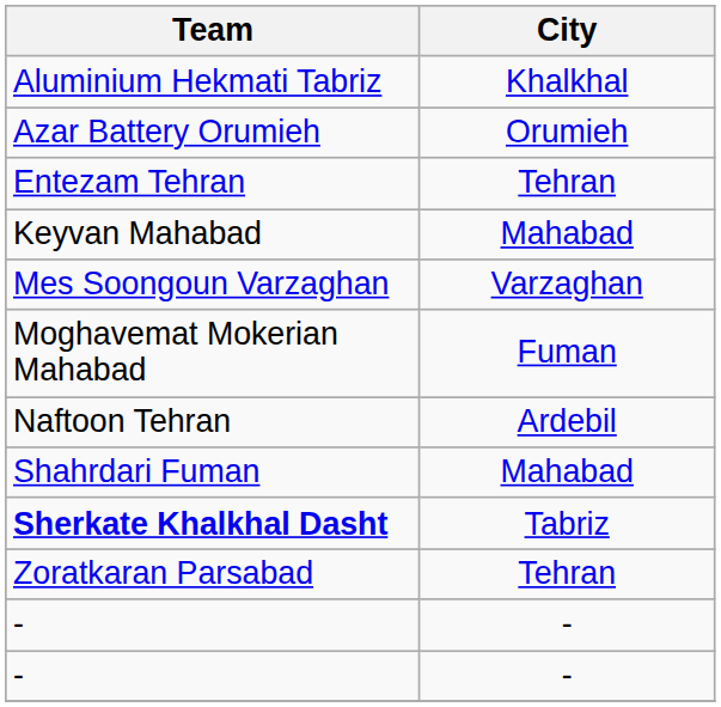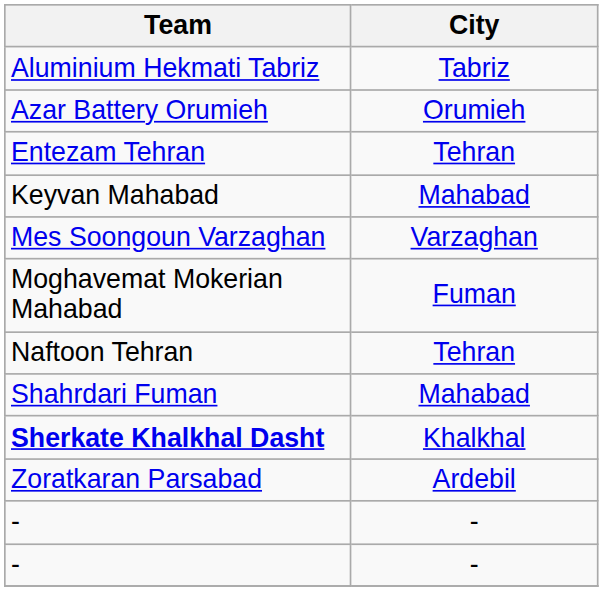 <table class="wikitable" style="text-align: Center;">
 <tr>
 <th width=200>Team</th>
 <th width=140>City</th>
 </tr>
 <tr>
 <td align="left"><a href='#'>Aluminium Hekmati Tabriz</a></td>
-<td><a href='#'>Khalkhal</a></td>
+<td><a href='#'>Tabriz</a></td>
 </tr>
 <tr>
 <td align="left"><a href='#'>Azar Battery Orumieh</a></td>
 <td><a href='#'>Orumieh</a></td>
 </tr>
 <tr>
 <td align="left"><a href='#'>Entezam Tehran</a></td>
 <td><a href='#'>Tehran</a></td>
 </tr>
 <tr>
 <td align="left">Keyvan Mahabad</td>
 <td><a href='#'>Mahabad</a></td>
 </tr>
 <tr>
 <td align="left"><a href='#'>Mes Soongoun Varzaghan</a></td>
 <td><a href='#'>Varzaghan</a></td>
 </tr>
 <tr>
 <td align="left">Moghavemat Mokerian Mahabad</td>
 <td><a href='#'>Fuman</a></td>
 </tr>
 <tr>
 <td align="left">Naftoon Tehran</td>
-<td><a href='#'>Ardebil</a></td>
+<td><a href='#'>Tehran</a></td>
 </tr>
 <tr>
 <td align="left"><a href='#'>Shahrdari Fuman</a></td>
 <td><a href='#'>Mahabad</a></td>
 </tr>
 <tr>
 <td align="left"><strong><a href='#'>Sherkate Khalkhal Dasht</a></strong></td>
-<td><a href='#'>Tabriz</a></td>
+<td><a href='#'>Khalkhal</a></td>
 </tr>
 <tr>
 <td align="left"><a href='#'>Zoratkaran Parsabad</a></td>
-<td><a href='#'>Tehran</a></td>
+<td><a href='#'>Ardebil</a></td>
 </tr>
 <tr>
 <td align="left">-</td>
 <td>-</td>
 </tr>
 <tr>
 <td align="left">-</td>
 <td>-</td>
 </tr>
 <tr>
 </tr>
 </table>
